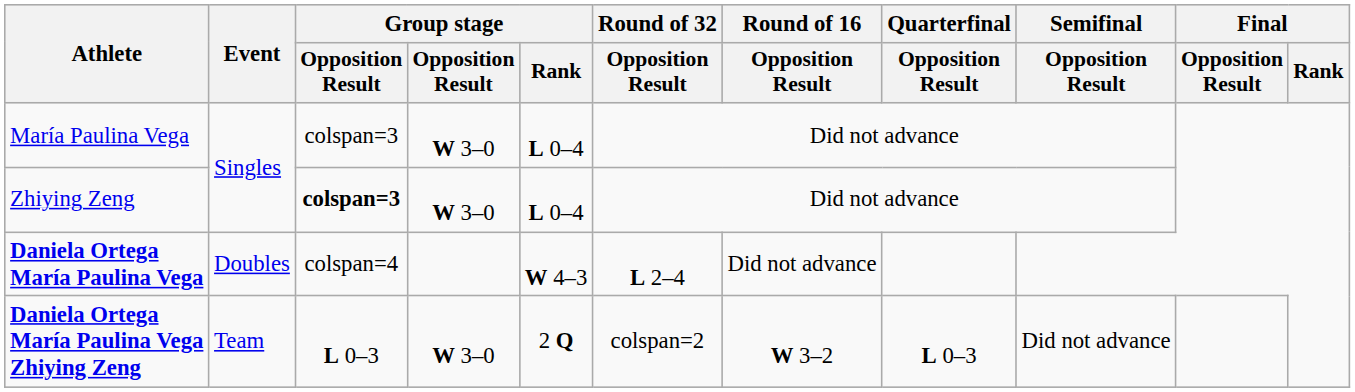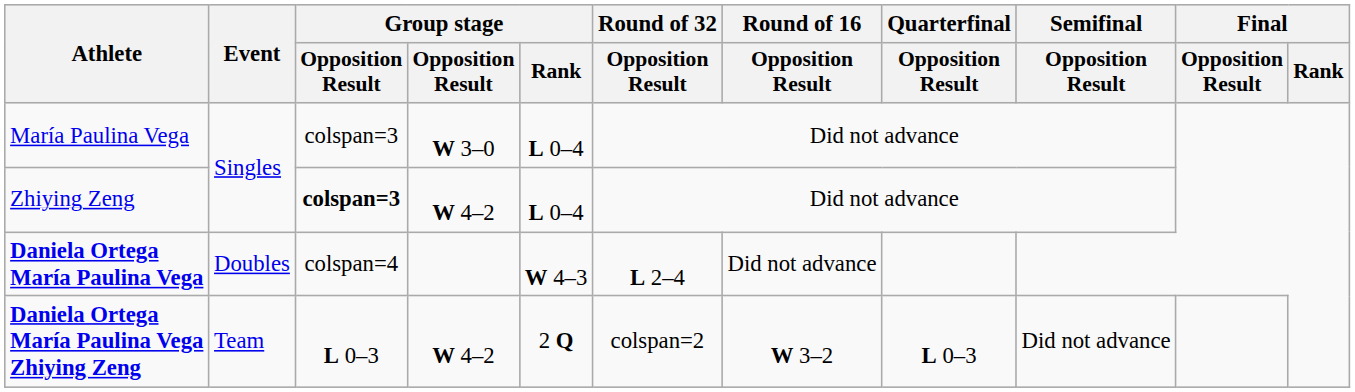 <table class=wikitable style=font-size:90%;text-align:center>
 <tr>
 <th rowspan=2>Athlete</th>
 <th rowspan=2>Event</th>
 <th colspan=3>Group stage</th>
 <th>Round of 32</th>
 <th>Round of 16</th>
 <th>Quarterfinal</th>
 <th>Semifinal</th>
 <th colspan=2>Final</th>
 </tr>
 <tr style=font-size:95%>
 <th>Opposition<br>Result</th>
 <th>Opposition<br>Result</th>
 <th>Rank</th>
 <th>Opposition<br>Result</th>
 <th>Opposition<br>Result</th>
 <th>Opposition<br>Result</th>
 <th>Opposition<br>Result</th>
 <th>Opposition<br>Result</th>
 <th>Rank</th>
 </tr>
 <tr>
 <td style="text-align:left"><a href='#'>María Paulina Vega</a></td>
 <td style="text-align:left" rowspan=2><a href='#'>Singles</a></td>
 <td>colspan=3 </td>
 <td><br><strong>W</strong> 3–0</td>
 <td><br><strong>L</strong> 0–4</td>
 <td colspan="4">Did not advance</td>
 </tr>
 <tr>
 <td style="text-align:left"><a href='#'>Zhiying Zeng</a></td>
 <td><strong>colspan=3 </strong></td>
-<td><br><strong>W</strong> 3–0</td>
+<td><br><strong>W</strong> 4–2</td>
 <td><br><strong>L</strong> 0–4</td>
 <td colspan="4">Did not advance</td>
 </tr>
 <tr>
 <td style="text-align:left"><strong><a href='#'>Daniela Ortega</a><br><a href='#'>María Paulina Vega</a></strong></td>
 <td style="text-align:left"><a href='#'>Doubles</a></td>
 <td>colspan=4 </td>
 <td></td>
 <td><br><strong>W</strong> 4–3</td>
 <td><br><strong>L</strong> 2–4</td>
 <td>Did not advance</td>
 <td></td>
 </tr>
 <tr>
 <td style="text-align:left"><strong><a href='#'>Daniela Ortega</a><br><a href='#'>María Paulina Vega</a><br><a href='#'>Zhiying Zeng</a></strong></td>
 <td style="text-align:left"><a href='#'>Team</a></td>
 <td><br><strong>L</strong> 0–3</td>
-<td><br><strong>W</strong> 3–0</td>
+<td><br><strong>W</strong> 4–2</td>
 <td>2 <strong>Q</strong></td>
 <td>colspan=2 </td>
 <td><br><strong>W</strong> 3–2</td>
 <td><br><strong>L</strong> 0–3</td>
 <td>Did not advance</td>
 <td></td>
 </tr>
 </table>
